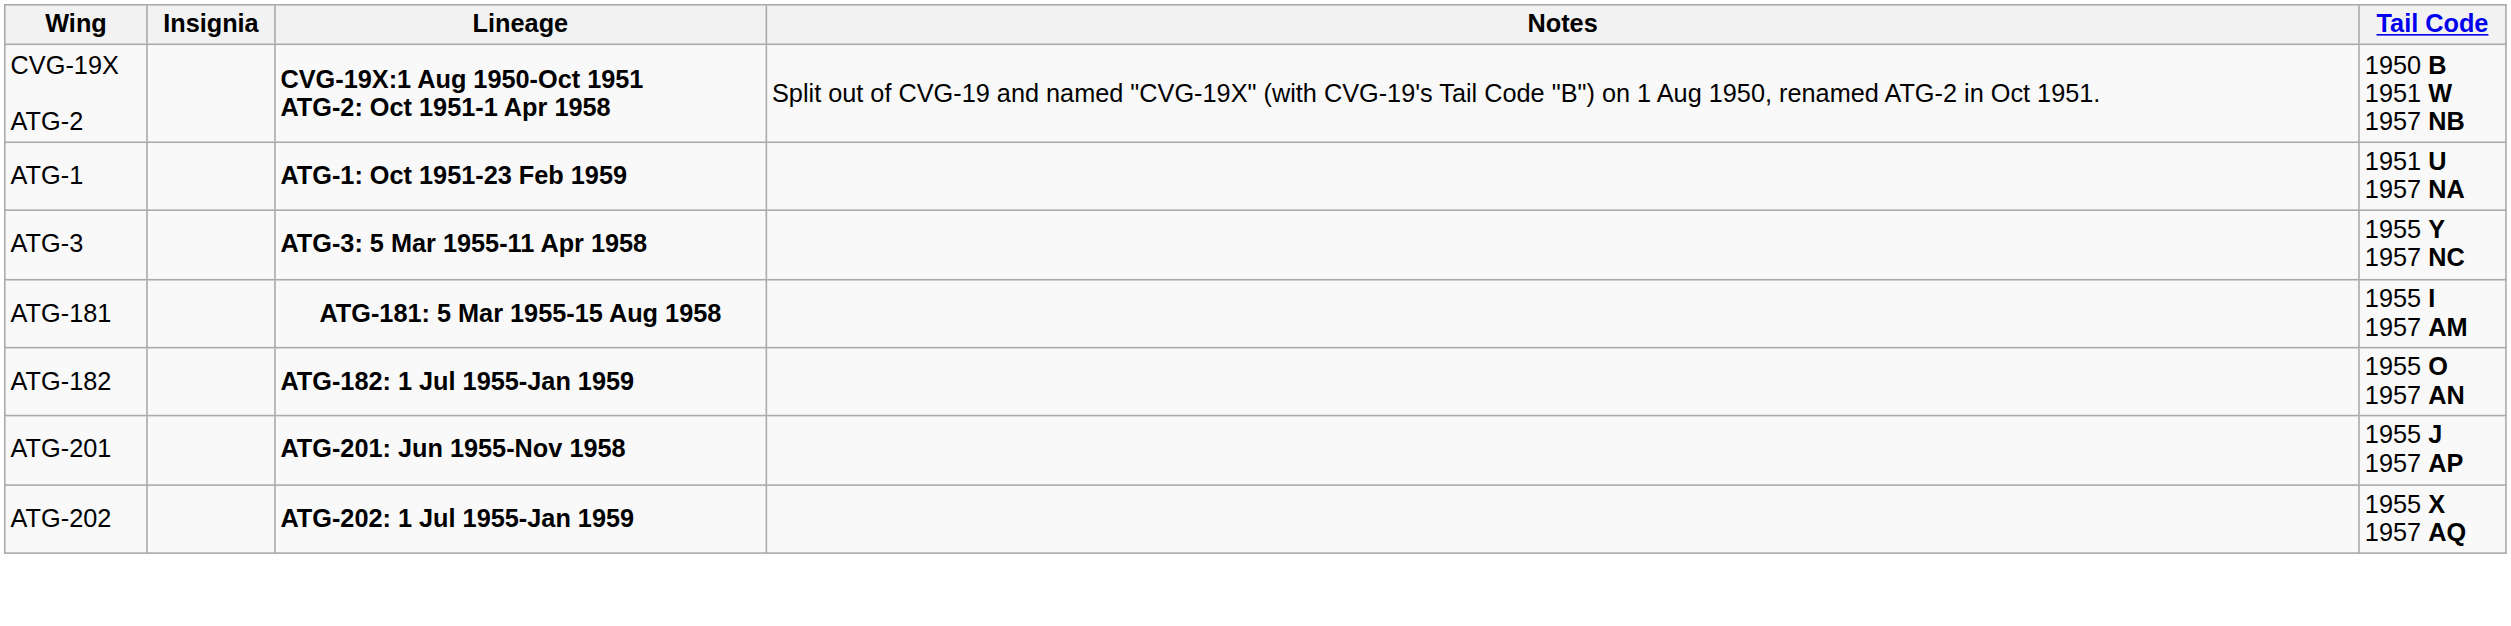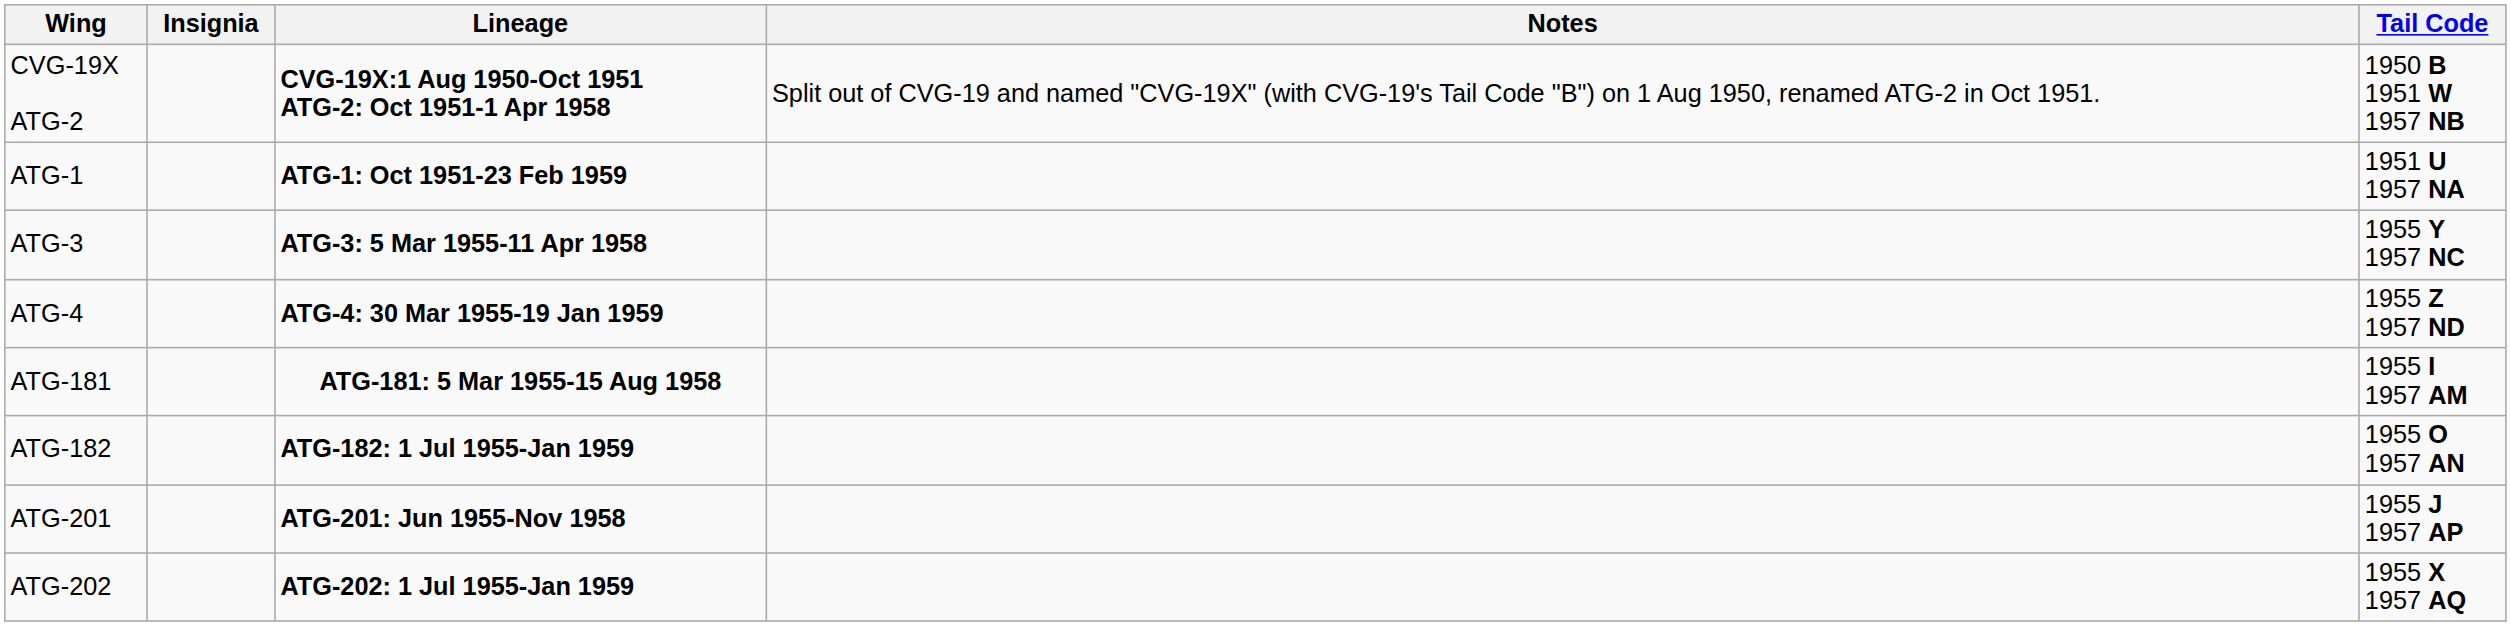 <table class="wikitable" width=100% style="text-align: center">
 <tr>
 <th>Wing</th>
 <th>Insignia</th>
 <th>Lineage</th>
 <th>Notes</th>
 <th><a href='#'>Tail Code</a></th>
 </tr>
 <tr>
 <td align=left style="white-space: nowrap;">CVG-19X<br><br>ATG-2</td>
 <td></td>
 <td style="white-space: nowrap;"align=left><strong>CVG-19X:1 Aug 1950-Oct 1951<br>ATG-2: Oct 1951-1 Apr 1958</strong></td>
 <td align=left>Split out of CVG-19 and named "CVG-19X" (with CVG-19's Tail Code "B") on 1 Aug 1950, renamed ATG-2 in Oct 1951.</td>
 <td align=left style="white-space:nowrap;">1950 <strong>B</strong><br>1951 <strong>W</strong><br>1957 <strong>NB</strong></td>
 </tr>
 <tr>
 <td align=left>ATG-1</td>
 <td></td>
 <td align=left><strong>ATG-1: Oct 1951-23 Feb 1959</strong></td>
 <td align=left></td>
 <td align=left>1951 <strong>U</strong><br>1957 <strong>NA</strong></td>
 </tr>
 <tr>
 <td align=left>ATG-3</td>
 <td></td>
 <td align=left><strong>ATG-3: 5 Mar 1955-11 Apr 1958</strong></td>
 <td align=left></td>
 <td align=left>1955 <strong>Y</strong><br>1957 <strong>NC</strong></td>
 </tr>
 <tr>
+<td align=left>ATG-4</td>
+<td></td>
+<td align=left><strong>ATG-4: 30 Mar 1955-19 Jan 1959</strong></td>
+<td align=left></td>
+<td align=left>1955 <strong>Z</strong><br>1957 <strong>ND</strong></td>
+</tr>
+<tr>
 <td align=left>ATG-181</td>
 <td></td>
 <td style="white-space: nowrap;"><strong>ATG-181: 5 Mar 1955-15 Aug 1958</strong></td>
 <td align=left></td>
 <td align=left>1955 <strong>I</strong><br>1957 <strong>AM</strong></td>
 </tr>
 <tr>
 <td align=left>ATG-182</td>
 <td></td>
 <td align=left><strong>ATG-182: 1 Jul 1955-Jan 1959</strong></td>
 <td align=left></td>
 <td align=left>1955 <strong>O</strong><br>1957 <strong>AN</strong></td>
 </tr>
 <tr>
 <td align=left>ATG-201</td>
 <td></td>
 <td align=left><strong>ATG-201: Jun 1955-Nov 1958</strong></td>
 <td align=left></td>
 <td align=left>1955 <strong>J</strong><br>1957 <strong>AP</strong></td>
 </tr>
 <tr>
 <td align=left>ATG-202</td>
 <td></td>
 <td align=left><strong>ATG-202: 1 Jul 1955-Jan 1959</strong></td>
 <td align=left></td>
 <td align=left>1955 <strong>X</strong><br>1957 <strong>AQ</strong></td>
 </tr>
 </table>
